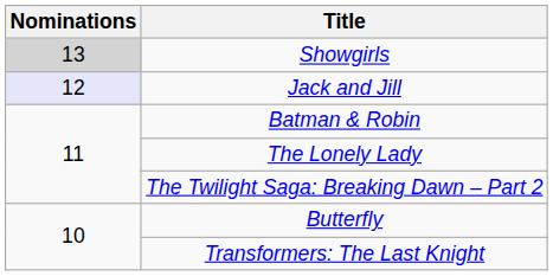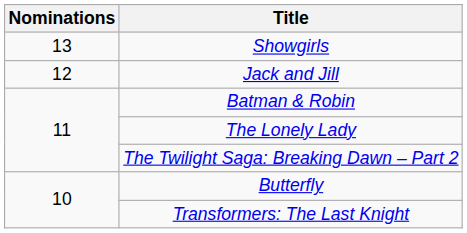 <table class="wikitable" style="text-align: center;">
 <tr>
 <th scope="col" width="55">Nominations</th>
 <th scope="col" align="center">Title</th>
 </tr>
 <tr>
-<td rowspan=1 style="background: lightgrey; text-align:center">13</td>
+<td rowspan=1 style="text-align:center">13</td>
 <td><em><a href='#'>Showgirls</a></em></td>
 </tr>
 <tr>
-<td rowspan=1 style="background: lavender; text-align:center">12</td>
+<td rowspan=1 style="text-align:center">12</td>
 <td><em><a href='#'>Jack and Jill</a></em></td>
 </tr>
 <tr>
 <td rowspan=3 style="text-align:center">11</td>
 <td><em><a href='#'>Batman & Robin</a></em></td>
 </tr>
 <tr>
 <td><em><a href='#'>The Lonely Lady</a></em></td>
 </tr>
 <tr>
 <td><em><a href='#'>The Twilight Saga: Breaking Dawn – Part 2</a></em></td>
 </tr>
 <tr>
 <td rowspan=2 style="text-align:center">10</td>
 <td><em><a href='#'>Butterfly</a></em></td>
 </tr>
 <tr>
 <td><em><a href='#'>Transformers: The Last Knight</a></em></td>
 </tr>
 </table>
